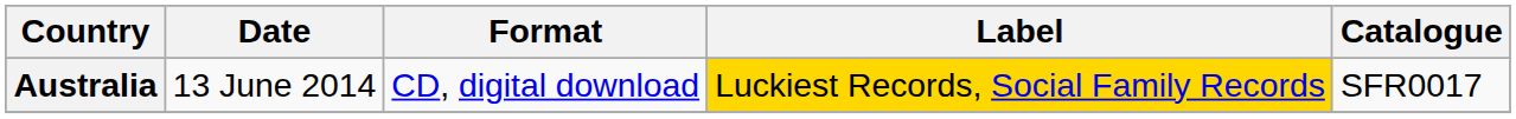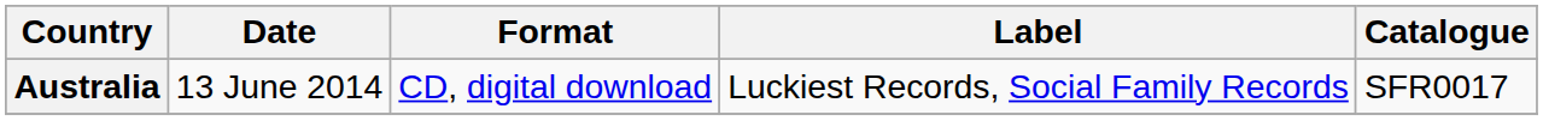 <table class="wikitable plainrowheaders">
 <tr>
 <th scope="col">Country</th>
 <th scope="col">Date</th>
 <th scope="col">Format</th>
 <th scope="col">Label</th>
 <th scope="col">Catalogue</th>
 </tr>
 <tr>
 <th scope="row">Australia</th>
 <td>13 June 2014</td>
 <td><a href='#'>CD</a>, <a href='#'>digital download</a></td>
-<td style="background: gold;">Luckiest Records, <a href='#'>Social Family Records</a></td>
+<td>Luckiest Records, <a href='#'>Social Family Records</a></td>
 <td>SFR0017</td>
 </tr>
 <tr>
 </tr>
 </table>
